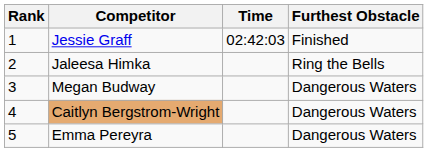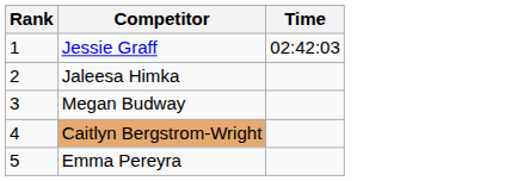 <table class="wikitable sortable mw-collapsible" style="display: inline-table;">
 <tr>
 <th>Rank</th>
 <th>Competitor</th>
 <th>Time</th>
-<th>Furthest Obstacle</th>
 </tr>
 <tr>
 <td>1</td>
 <td><a href='#'>Jessie Graff</a></td>
 <td>02:42:03</td>
-<td>Finished</td>
 </tr>
 <tr>
 <td>2</td>
 <td>Jaleesa Himka</td>
 <td></td>
-<td>Ring the Bells</td>
 </tr>
 <tr>
 <td>3</td>
 <td>Megan Budway</td>
 <td></td>
-<td>Dangerous Waters</td>
 </tr>
 <tr>
 <td>4</td>
 <td style="background-color:#E5AA70">Caitlyn Bergstrom-Wright</td>
 <td></td>
-<td>Dangerous Waters</td>
 </tr>
 <tr>
 <td>5</td>
 <td>Emma Pereyra</td>
 <td></td>
-<td>Dangerous Waters</td>
 </tr>
 </table>
